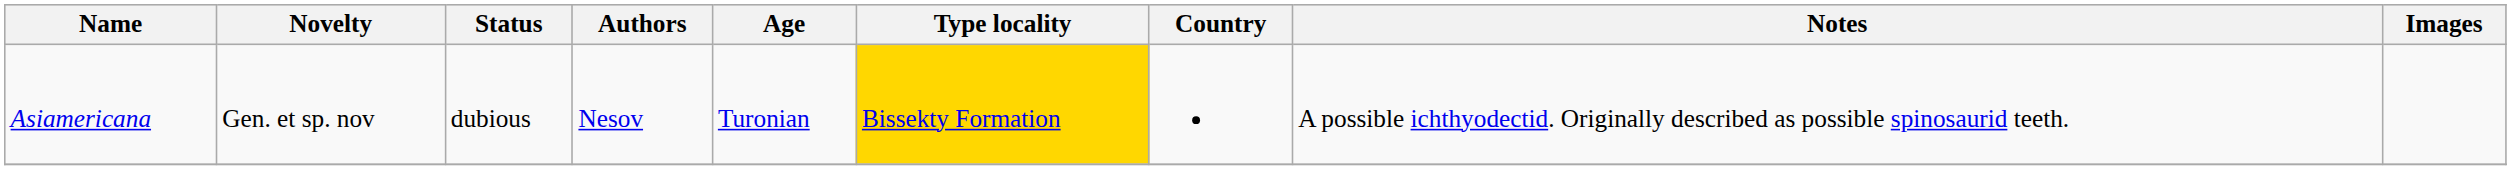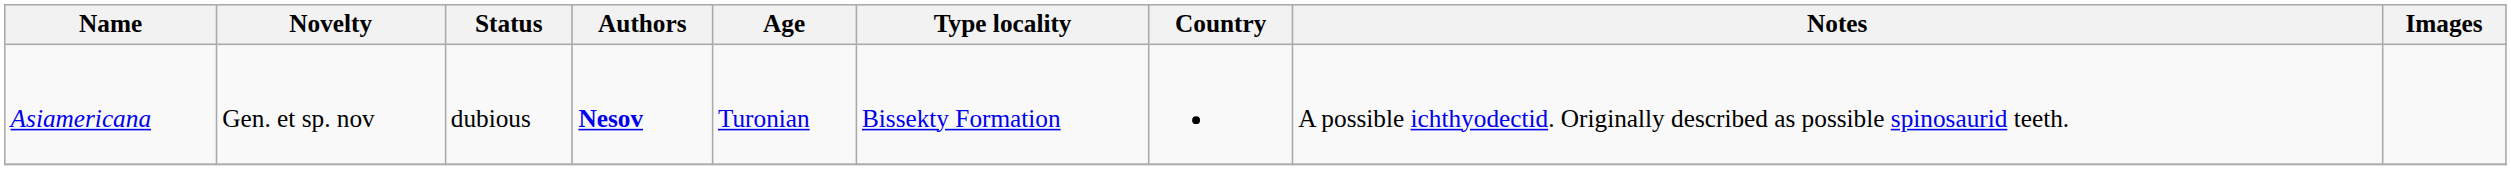 <table class="wikitable sortable" align="center" width="100%">
 <tr>
 <th>Name</th>
 <th>Novelty</th>
 <th>Status</th>
 <th>Authors</th>
 <th>Age</th>
 <th>Type locality</th>
 <th>Country</th>
 <th>Notes</th>
 <th>Images</th>
 </tr>
 <tr>
 <td><br><em><a href='#'>Asiamericana</a></em></td>
 <td><br>Gen. et sp. nov</td>
 <td><br>dubious</td>
-<td><br><a href='#'>Nesov</a></td>
+<td><strong><br><a href='#'>Nesov</a></strong></td>
 <td><br><a href='#'>Turonian</a></td>
-<td style="background: gold;"><br><a href='#'>Bissekty Formation</a></td>
+<td><br><a href='#'>Bissekty Formation</a></td>
 <td><br><ul><li></li></ul></td>
 <td><br>A possible <a href='#'>ichthyodectid</a>. Originally described as possible <a href='#'>spinosaurid</a> teeth.</td>
 <td></td>
 </tr>
 <tr>
 </tr>
 </table>
